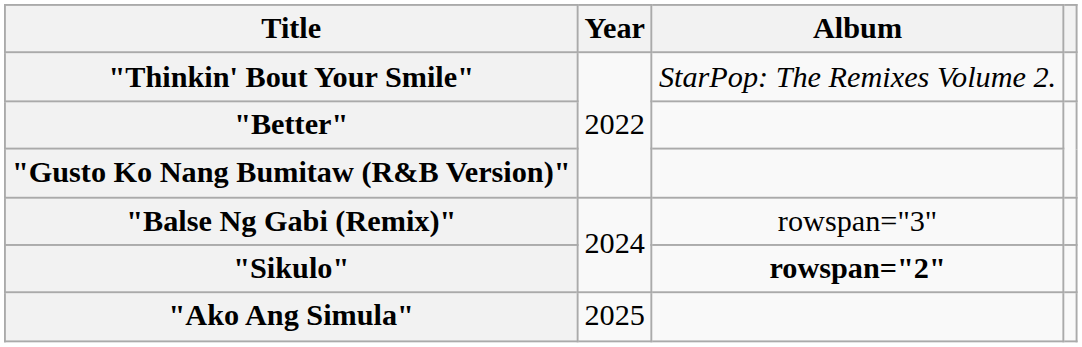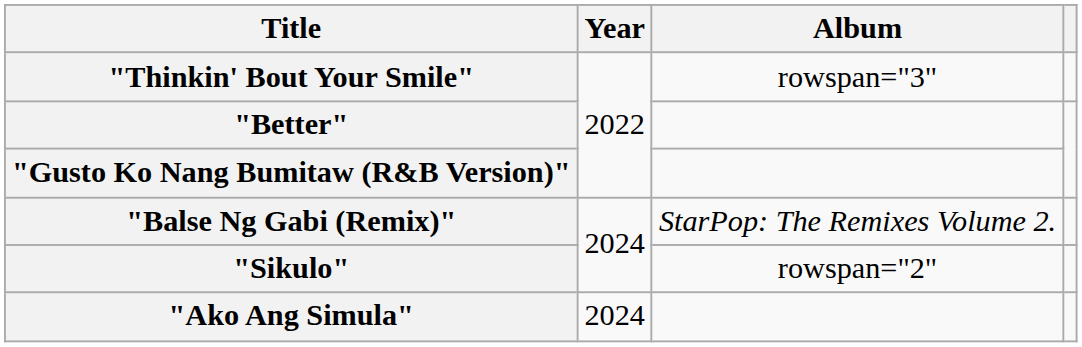 <table class="wikitable plainrowheaders" style="text-align:center">
 <tr>
 <th scope="col">Title</th>
 <th scope="col">Year</th>
 <th scope="col">Album</th>
 <th scope="col"></th>
 </tr>
 <tr>
 <th scope="row">"Thinkin' Bout Your Smile"<br></th>
 <td rowspan="3">2022</td>
-<td><em>StarPop: The Remixes Volume 2.</em></td>
+<td>rowspan="3" </td>
 <td></td>
 </tr>
 <tr>
 <th scope="row">"Better"<br></th>
 <td></td>
 </tr>
 <tr>
 <th scope="row">"Gusto Ko Nang Bumitaw (R&B Version)"<br></th>
 <td></td>
 </tr>
 <tr>
 <th scope="row">"Balse Ng Gabi (Remix)"<br></th>
 <td rowspan="2">2024</td>
-<td>rowspan="3" </td>
+<td><em>StarPop: The Remixes Volume 2.</em></td>
 <td></td>
 </tr>
 <tr>
 <th scope="row">"Sikulo"<br></th>
-<td><strong>rowspan="2" </strong></td>
+<td>rowspan="2" </td>
 <td></td>
 </tr>
 <tr>
 <th scope="row">"Ako Ang Simula"<br></th>
-<td>2025</td>
+<td>2024</td>
 <td></td>
 </tr>
 </table>
